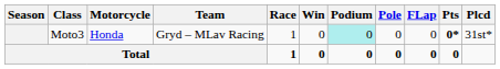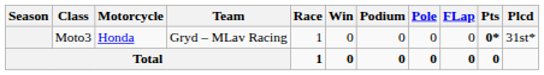 <table class="wikitable" style="text-align:right;">
 <tr>
 <th>Season</th>
 <th>Class</th>
 <th>Motorcycle</th>
 <th>Team</th>
 <th>Race</th>
 <th>Win</th>
 <th>Podium</th>
 <th><a href='#'>Pole</a></th>
 <th><a href='#'>FLap</a></th>
 <th>Pts</th>
 <th>Plcd</th>
 </tr>
 <tr>
 <th></th>
 <td>Moto3</td>
 <td style="text-align:left;"><a href='#'>Honda</a></td>
 <td style="text-align:left;">Gryd – MLav Racing</td>
 <td>1</td>
 <td>0</td>
-<td style="background: paleturquoise;">0</td>
+<td>0</td>
 <td>0</td>
 <td>0</td>
 <td><strong>0*</strong></td>
 <td>31st*</td>
 </tr>
 <tr>
 <th colspan="4">Total</th>
 <td><strong>1</strong></td>
 <td><strong>0</strong></td>
 <td><strong>0</strong></td>
 <td><strong>0</strong></td>
 <td><strong>0</strong></td>
 <td><strong>0</strong></td>
 <td></td>
 </tr>
 </table>
